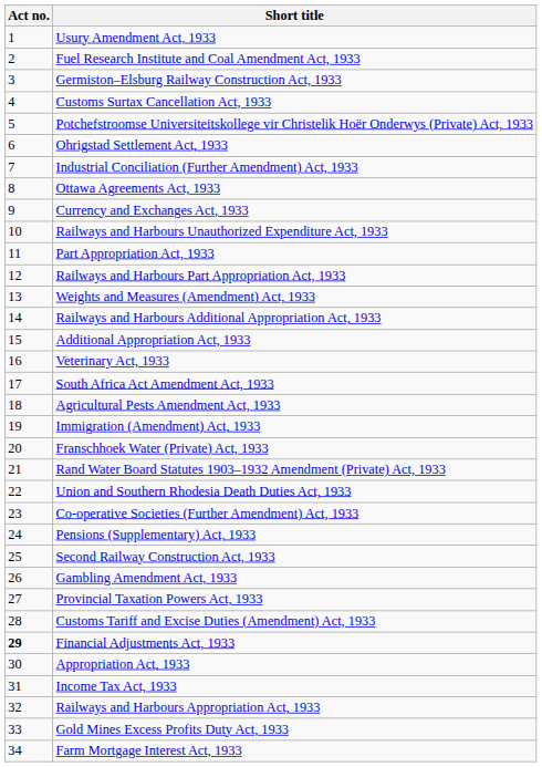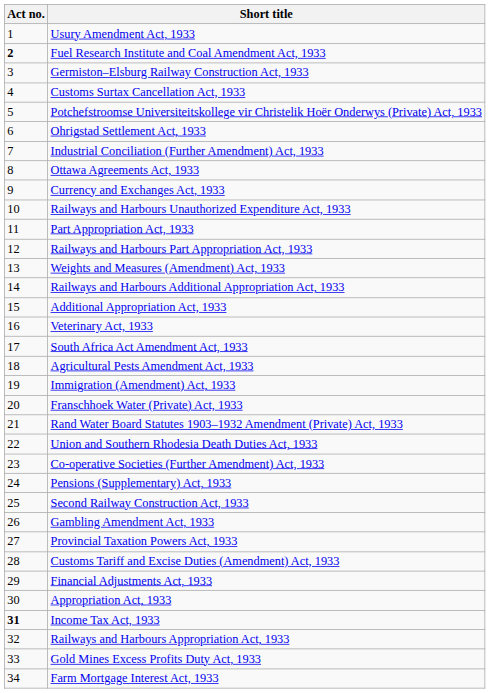 <table class="wikitable sortable">
 <tr>
 <th>Act no.</th>
 <th>Short title</th>
 </tr>
 <tr>
 <td>1</td>
 <td><a href='#'>Usury Amendment Act, 1933</a></td>
 </tr>
 <tr>
-<td>2</td>
+<td><strong>2</strong></td>
 <td><a href='#'>Fuel Research Institute and Coal Amendment Act, 1933</a></td>
 </tr>
 <tr>
 <td>3</td>
 <td><a href='#'>Germiston–Elsburg Railway Construction Act, 1933</a></td>
 </tr>
 <tr>
 <td>4</td>
 <td><a href='#'>Customs Surtax Cancellation Act, 1933</a></td>
 </tr>
 <tr>
 <td>5</td>
 <td><a href='#'>Potchefstroomse Universiteitskollege vir Christelik Hoër Onderwys (Private) Act, 1933</a></td>
 </tr>
 <tr>
 <td>6</td>
 <td><a href='#'>Ohrigstad Settlement Act, 1933</a></td>
 </tr>
 <tr>
 <td>7</td>
 <td><a href='#'>Industrial Conciliation (Further Amendment) Act, 1933</a></td>
 </tr>
 <tr>
 <td>8</td>
 <td><a href='#'>Ottawa Agreements Act, 1933</a></td>
 </tr>
 <tr>
 <td>9</td>
 <td><a href='#'>Currency and Exchanges Act, 1933</a></td>
 </tr>
 <tr>
 <td>10</td>
 <td><a href='#'>Railways and Harbours Unauthorized Expenditure Act, 1933</a></td>
 </tr>
 <tr>
 <td>11</td>
 <td><a href='#'>Part Appropriation Act, 1933</a></td>
 </tr>
 <tr>
 <td>12</td>
 <td><a href='#'>Railways and Harbours Part Appropriation Act, 1933</a></td>
 </tr>
 <tr>
 <td>13</td>
 <td><a href='#'>Weights and Measures (Amendment) Act, 1933</a></td>
 </tr>
 <tr>
 <td>14</td>
 <td><a href='#'>Railways and Harbours Additional Appropriation Act, 1933</a></td>
 </tr>
 <tr>
 <td>15</td>
 <td><a href='#'>Additional Appropriation Act, 1933</a></td>
 </tr>
 <tr>
 <td>16</td>
 <td><a href='#'>Veterinary Act, 1933</a></td>
 </tr>
 <tr>
 <td>17</td>
 <td><a href='#'>South Africa Act Amendment Act, 1933</a></td>
 </tr>
 <tr>
 <td>18</td>
 <td><a href='#'>Agricultural Pests Amendment Act, 1933</a></td>
 </tr>
 <tr>
 <td>19</td>
 <td><a href='#'>Immigration (Amendment) Act, 1933</a></td>
 </tr>
 <tr>
 <td>20</td>
 <td><a href='#'>Franschhoek Water (Private) Act, 1933</a></td>
 </tr>
 <tr>
 <td>21</td>
 <td><a href='#'>Rand Water Board Statutes 1903–1932 Amendment (Private) Act, 1933</a></td>
 </tr>
 <tr>
 <td>22</td>
 <td><a href='#'>Union and Southern Rhodesia Death Duties Act, 1933</a></td>
 </tr>
 <tr>
 <td>23</td>
 <td><a href='#'>Co-operative Societies (Further Amendment) Act, 1933</a></td>
 </tr>
 <tr>
 <td>24</td>
 <td><a href='#'>Pensions (Supplementary) Act, 1933</a></td>
 </tr>
 <tr>
 <td>25</td>
 <td><a href='#'>Second Railway Construction Act, 1933</a></td>
 </tr>
 <tr>
 <td>26</td>
 <td><a href='#'>Gambling Amendment Act, 1933</a></td>
 </tr>
 <tr>
 <td>27</td>
 <td><a href='#'>Provincial Taxation Powers Act, 1933</a></td>
 </tr>
 <tr>
 <td>28</td>
 <td><a href='#'>Customs Tariff and Excise Duties (Amendment) Act, 1933</a></td>
 </tr>
 <tr>
-<td><strong>29</strong></td>
+<td>29</td>
 <td><a href='#'>Financial Adjustments Act, 1933</a></td>
 </tr>
 <tr>
 <td>30</td>
 <td><a href='#'>Appropriation Act, 1933</a></td>
 </tr>
 <tr>
-<td>31</td>
+<td><strong>31</strong></td>
 <td><a href='#'>Income Tax Act, 1933</a></td>
 </tr>
 <tr>
 <td>32</td>
 <td><a href='#'>Railways and Harbours Appropriation Act, 1933</a></td>
 </tr>
 <tr>
 <td>33</td>
 <td><a href='#'>Gold Mines Excess Profits Duty Act, 1933</a></td>
 </tr>
 <tr>
 <td>34</td>
 <td><a href='#'>Farm Mortgage Interest Act, 1933</a></td>
 </tr>
 </table>
